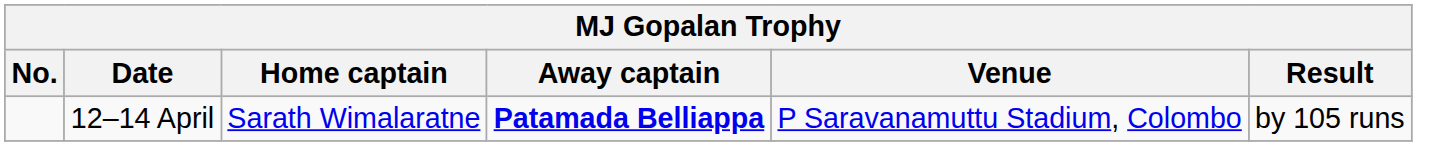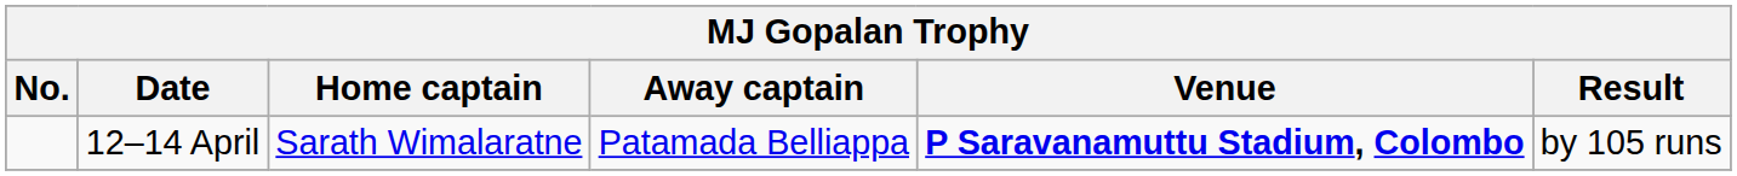 <table class="wikitable">
 <tr>
 <th colspan="9">MJ Gopalan Trophy</th>
 </tr>
 <tr>
 <th>No.</th>
 <th>Date</th>
 <th>Home captain</th>
 <th>Away captain</th>
 <th>Venue</th>
 <th>Result</th>
 </tr>
 <tr>
 <td></td>
 <td>12–14 April</td>
 <td><a href='#'>Sarath Wimalaratne</a></td>
-<td><strong><a href='#'>Patamada Belliappa</a></strong></td>
-<td><a href='#'>P Saravanamuttu Stadium</a>, <a href='#'>Colombo</a></td>
+<td><a href='#'>Patamada Belliappa</a></td>
+<td><strong><a href='#'>P Saravanamuttu Stadium</a>, <a href='#'>Colombo</a></strong></td>
 <td> by 105 runs</td>
 </tr>
 </table>
